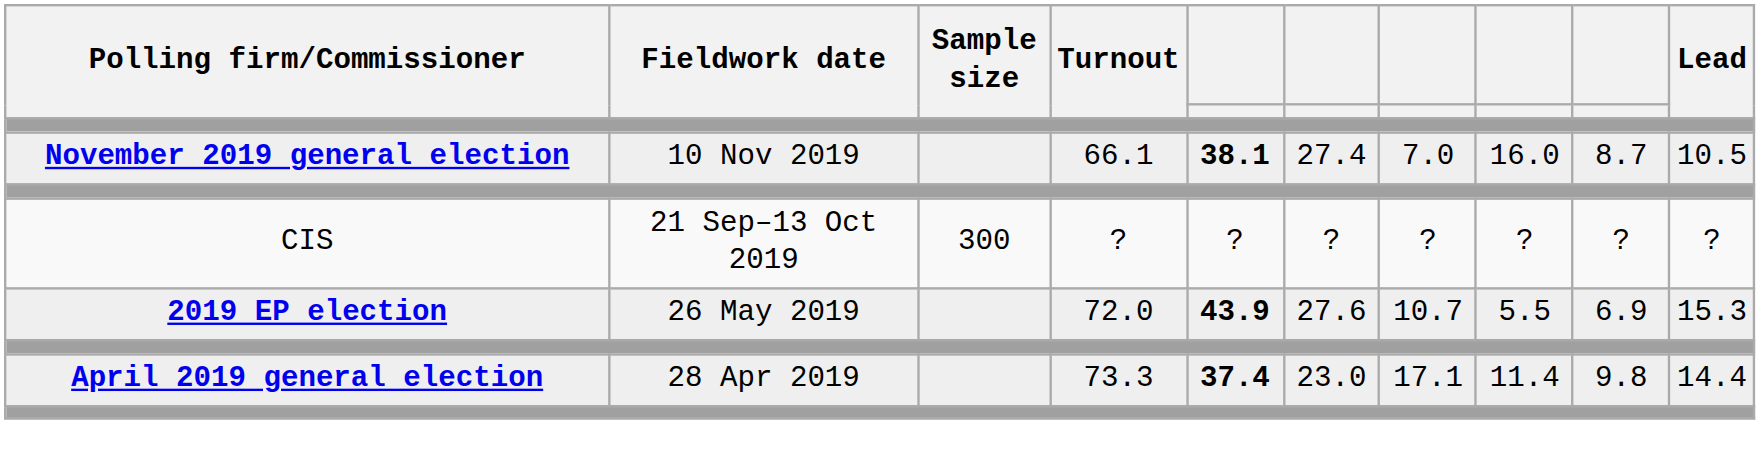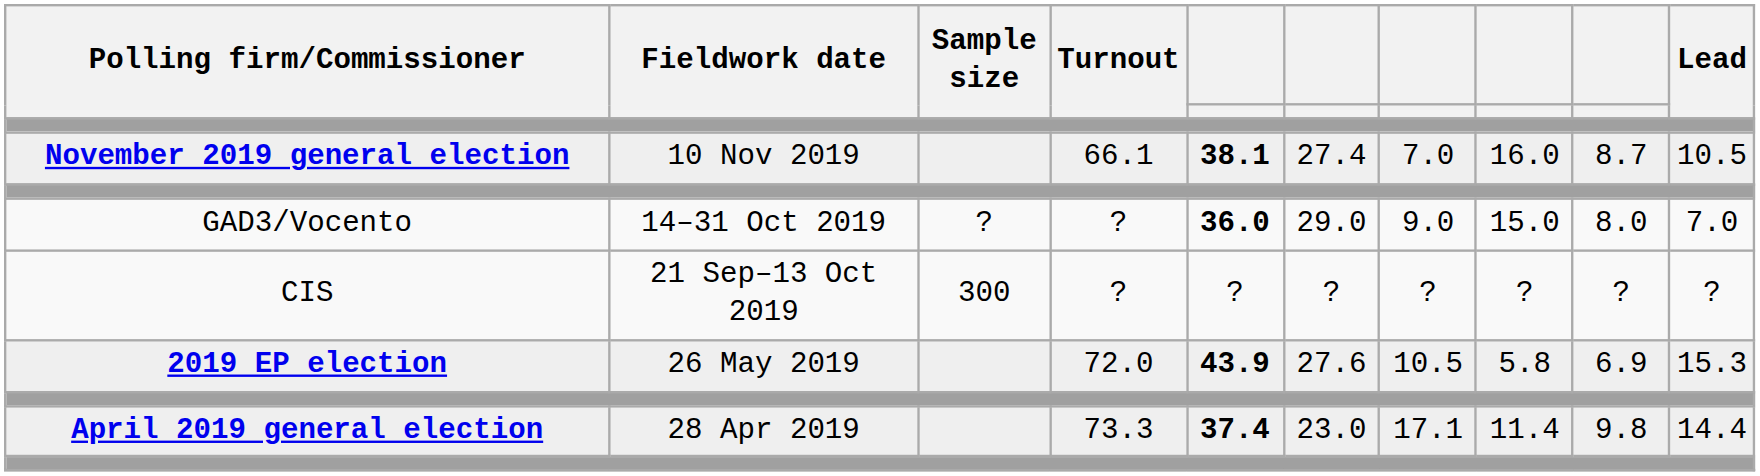 <table class="wikitable collapsible collapsed" style="text-align:center; font-size:95%; line-height:16px;">
 <tr style="height:42px; background-color:#E9E9E9">
 <th style="width:250px;" rowspan="2">Polling firm/Commissioner</th>
 <th style="width:125px;" rowspan="2">Fieldwork date</th>
 <th style="width:50px;" rowspan="2">Sample size</th>
 <th style="width:45px;" rowspan="2">Turnout</th>
 <th style="width:35px;"></th>
 <th style="width:35px;"></th>
 <th style="width:35px;"></th>
 <th style="width:35px;"></th>
 <th style="width:35px;"></th>
 <th style="width:30px;" rowspan="2">Lead</th>
 </tr>
 <tr>
 <th style="color:inherit;background:"></th>
 <th style="color:inherit;background:"></th>
 <th style="color:inherit;background:"></th>
 <th style="color:inherit;background:"></th>
 <th style="color:inherit;background:"></th>
 </tr>
 <tr>
 <td colspan="10" style="background:#A0A0A0"></td>
 </tr>
 <tr style="background:#EFEFEF;">
 <td><strong><a href='#'>November 2019 general election</a></strong></td>
 <td>10 Nov 2019</td>
 <td></td>
 <td>66.1</td>
 <td><strong>38.1</strong><br></td>
 <td>27.4<br></td>
 <td>7.0<br></td>
 <td>16.0<br></td>
 <td>8.7<br></td>
 <td style="background:">10.5</td>
 </tr>
 <tr>
 <td colspan="10" style="background:#A0A0A0"></td>
 </tr>
 <tr>
+<td>GAD3/Vocento</td>
+<td>14–31 Oct 2019</td>
+<td>?</td>
+<td>?</td>
+<td><strong>36.0</strong><br></td>
+<td>29.0<br></td>
+<td>9.0<br></td>
+<td>15.0<br></td>
+<td>8.0<br></td>
+<td style="background:">7.0</td>
+</tr>
+<tr>
 <td>CIS</td>
 <td>21 Sep–13 Oct 2019</td>
 <td>300</td>
 <td>?</td>
 <td>?<br></td>
 <td>?<br></td>
 <td>?<br></td>
 <td>?<br></td>
 <td>?<br></td>
 <td style="background:">?</td>
 </tr>
 <tr style="background:#EFEFEF;">
 <td><strong><a href='#'>2019 EP election</a></strong></td>
 <td>26 May 2019</td>
 <td></td>
 <td>72.0</td>
 <td><strong>43.9</strong><br></td>
 <td>27.6<br></td>
-<td>10.7<br></td>
-<td>5.5<br></td>
+<td>10.5<br></td>
+<td>5.8<br></td>
 <td>6.9<br></td>
 <td style="background:">15.3</td>
 </tr>
 <tr>
 <td colspan="10" style="background:#A0A0A0"></td>
 </tr>
 <tr style="background:#EFEFEF;">
 <td><strong><a href='#'>April 2019 general election</a></strong></td>
 <td>28 Apr 2019</td>
 <td></td>
 <td>73.3</td>
 <td><strong>37.4</strong><br></td>
 <td>23.0<br></td>
 <td>17.1<br></td>
 <td>11.4<br></td>
 <td>9.8<br></td>
 <td style="background:">14.4</td>
 </tr>
 <tr>
 <td colspan="10" style="background:#A0A0A0"></td>
 </tr>
 <tr>
 </tr>
 </table>
